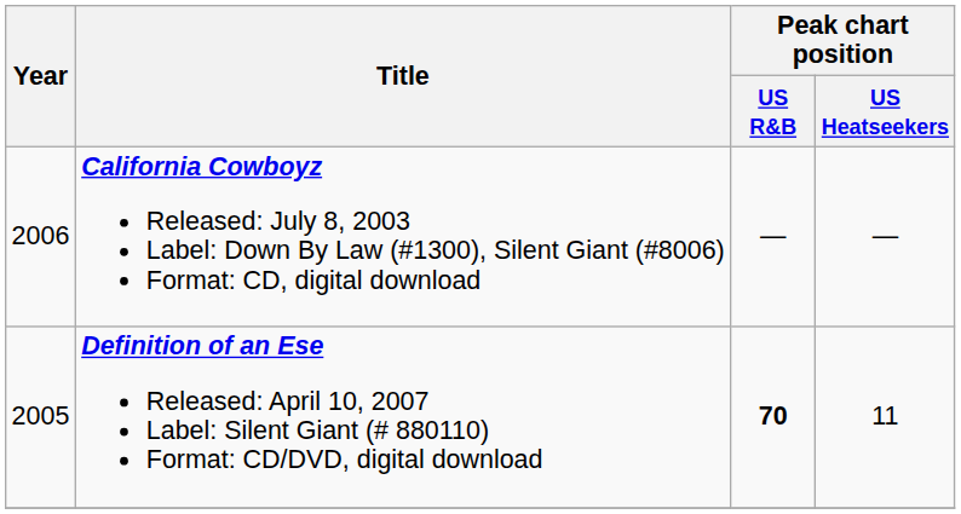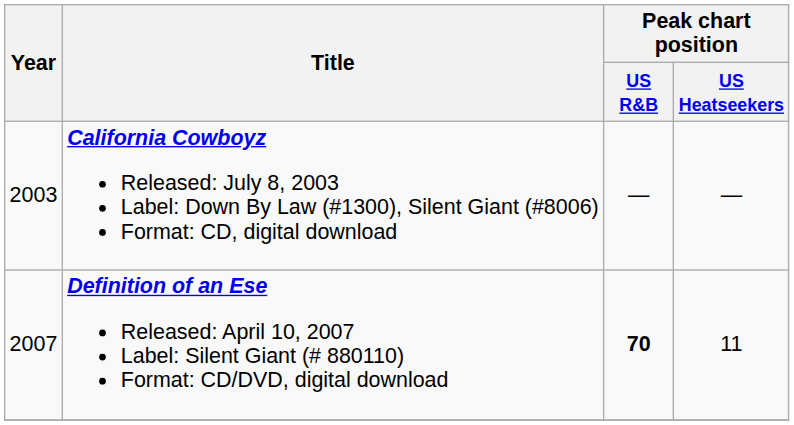 <table class="wikitable">
 <tr>
 <th align=center rowspan=2>Year</th>
 <th align=center rowspan=2>Title</th>
 <th align=center colspan=2>Peak chart position</th>
 </tr>
 <tr>
 <th align=center width=45><small><a href='#'>US R&B</a></small></th>
 <th align=center width=45><small><a href='#'>US Heatseekers</a></small></th>
 </tr>
 <tr>
-<td align=center>2006</td>
+<td align=center>2003</td>
 <td><strong><em><a href='#'>California Cowboyz</a></em></strong><br><ul><li>Released: July 8, 2003</li><li>Label: Down By Law (#1300), Silent Giant (#8006)</li><li>Format: CD, digital download</li></ul></td>
 <td align=center>—</td>
 <td align=center>—</td>
 </tr>
 <tr>
-<td align=center>2005</td>
+<td align=center>2007</td>
 <td><strong><em><a href='#'>Definition of an Ese</a></em></strong><br><ul><li>Released: April 10, 2007</li><li>Label: Silent Giant (#	880110)</li><li>Format: CD/DVD, digital download</li></ul></td>
 <td align=center><strong>70</strong></td>
 <td align=center>11</td>
 </tr>
 <tr>
 </tr>
 </table>
